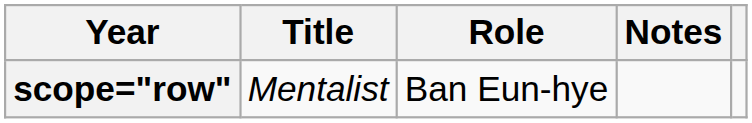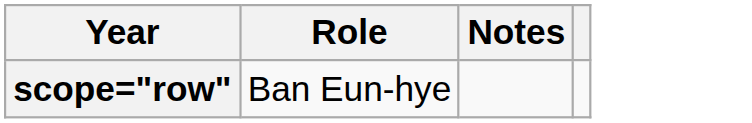 <table class="wikitable plainrowheaders sortable">
 <tr>
 <th scope="col">Year</th>
-<th scope="col">Title</th>
 <th scope="col">Role</th>
 <th scope="col">Notes</th>
 <th scope="col" class="unsortable"></th>
 </tr>
 <tr>
 <th>scope="row" </th>
-<td><em>Mentalist</em></td>
 <td>Ban Eun-hye</td>
 <td></td>
 <td style="text-align:center"></td>
 </tr>
 </table>
